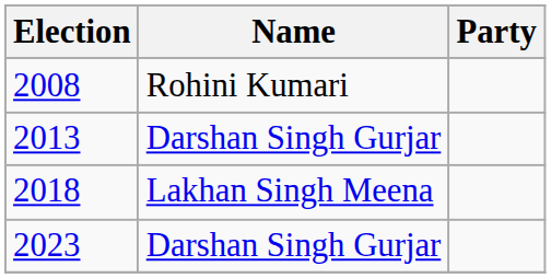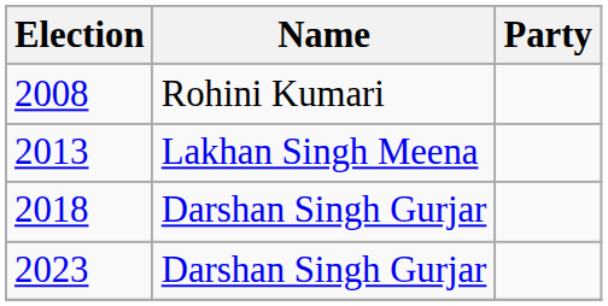 <table class="wikitable sortable">
 <tr>
 <th>Election</th>
 <th>Name</th>
 <th colspan=2>Party</th>
 </tr>
 <tr>
 <td><a href='#'>2008</a></td>
 <td>Rohini Kumari</td>
 <td></td>
 </tr>
 <tr>
 <td><a href='#'>2013</a></td>
-<td><a href='#'>Darshan Singh Gurjar</a></td>
+<td><a href='#'>Lakhan Singh Meena</a></td>
 <td></td>
 </tr>
 <tr>
 <td><a href='#'>2018</a></td>
-<td><a href='#'>Lakhan Singh Meena</a></td>
+<td><a href='#'>Darshan Singh Gurjar</a></td>
 <td></td>
 </tr>
 <tr>
 <td><a href='#'>2023</a></td>
 <td><a href='#'>Darshan Singh Gurjar</a></td>
 <td></td>
 </tr>
 <tr>
 </tr>
 </table>
